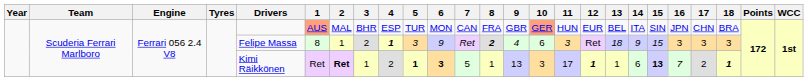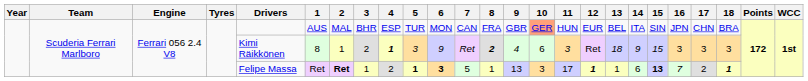 <table class="wikitable" style="text-align:center; font-size:95%">
 <tr>
 <th>Year</th>
 <th>Team</th>
 <th>Engine</th>
 <th>Tyres</th>
 <th>Drivers</th>
 <th>1</th>
 <th>2</th>
 <th>3</th>
 <th>4</th>
 <th>5</th>
 <th>6</th>
 <th>7</th>
 <th>8</th>
 <th>9</th>
 <th>10</th>
 <th>11</th>
 <th>12</th>
 <th>13</th>
 <th>14</th>
 <th>15</th>
 <th>16</th>
 <th>17</th>
 <th>18</th>
 <th>Points</th>
 <th>WCC</th>
 </tr>
 <tr>
 <td rowspan="3"></td>
 <td rowspan="3"><a href='#'>Scuderia Ferrari Marlboro</a></td>
 <td rowspan="3"><a href='#'>Ferrari</a> 056 2.4 <a href='#'>V8</a></td>
 <td rowspan="3"></td>
 <td></td>
-<td style="background: lightsalmon;"><a href='#'>AUS</a></td>
+<td><a href='#'>AUS</a></td>
 <td><a href='#'>MAL</a></td>
 <td><a href='#'>BHR</a></td>
 <td><a href='#'>ESP</a></td>
 <td><a href='#'>TUR</a></td>
 <td><a href='#'>MON</a></td>
 <td><a href='#'>CAN</a></td>
 <td><a href='#'>FRA</a></td>
 <td><a href='#'>GBR</a></td>
 <td style="background: lightsalmon;"><a href='#'>GER</a></td>
 <td><a href='#'>HUN</a></td>
 <td><a href='#'>EUR</a></td>
 <td><a href='#'>BEL</a></td>
 <td><a href='#'>ITA</a></td>
 <td><a href='#'>SIN</a></td>
 <td><a href='#'>JPN</a></td>
 <td><a href='#'>CHN</a></td>
 <td><a href='#'>BRA</a></td>
 <td rowspan="3" style="background-color:#FBFFBF"><strong>172</strong></td>
 <td rowspan="3" style="background-color:#FBFFBF"><strong>1st</strong></td>
 </tr>
 <tr>
-<td align="left"> <a href='#'>Felipe Massa</a></td>
+<td align="left"> <a href='#'>Kimi Räikkönen</a></td>
 <td style="background-color:#DFFFDF">8</td>
 <td style="background-color:#FBFFBF">1</td>
 <td style="background-color:#DFDFDF">2</td>
 <td style="background-color:#FBFFBF"><strong><em>1</em></strong></td>
 <td style="background-color:#FFDF9F"><em>3</em></td>
 <td style="background-color:#CFCFFF"><em>9</em></td>
 <td style="background-color:#EFCFFF"><em>Ret</em></td>
 <td style="background-color:#DFDFDF"><strong><em>2</em></strong></td>
 <td style="background-color:#DFFFDF"><em>4</em></td>
 <td style="background-color:#DFFFDF">6</td>
 <td style="background-color:#FFDF9F"><em>3</em></td>
 <td style="background-color:#EFCFFF">Ret</td>
 <td style="background-color:#CFCFFF"><em>18</em></td>
 <td style="background-color:#CFCFFF"><em>9</em></td>
 <td style="background-color:#CFCFFF"><em>15</em></td>
 <td style="background-color:#FFDF9F">3</td>
 <td style="background-color:#FFDF9F">3</td>
 <td style="background-color:#FFDF9F">3</td>
 </tr>
 <tr>
-<td align="left"> <a href='#'>Kimi Räikkönen</a></td>
+<td align="left"> <a href='#'>Felipe Massa</a></td>
 <td style="background-color:#EFCFFF">Ret</td>
 <td style="background-color:#EFCFFF"><strong>Ret</strong></td>
 <td style="background-color:#FBFFBF">1</td>
 <td style="background-color:#DFDFDF">2</td>
 <td style="background-color:#FBFFBF"><strong>1</strong></td>
 <td style="background-color:#FFDF9F"><strong>3</strong></td>
 <td style="background-color:#DFFFDF">5</td>
 <td style="background-color:#FBFFBF">1</td>
 <td style="background-color:#CFCFFF">13</td>
 <td style="background-color:#FFDF9F">3</td>
 <td style="background-color:#CFCFFF">17</td>
 <td style="background-color:#FBFFBF"><strong><em>1</em></strong></td>
 <td style="background-color:#FBFFBF">1</td>
 <td style="background-color:#DFFFDF">6</td>
 <td style="background-color:#CFCFFF"><strong>13</strong></td>
 <td style="background-color:#DFFFDF"><em>7</em></td>
 <td style="background-color:#DFDFDF">2</td>
 <td style="background-color:#FBFFBF"><strong><em>1</em></strong></td>
 </tr>
 </table>
